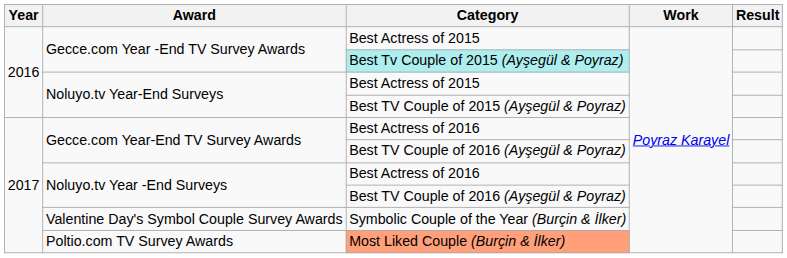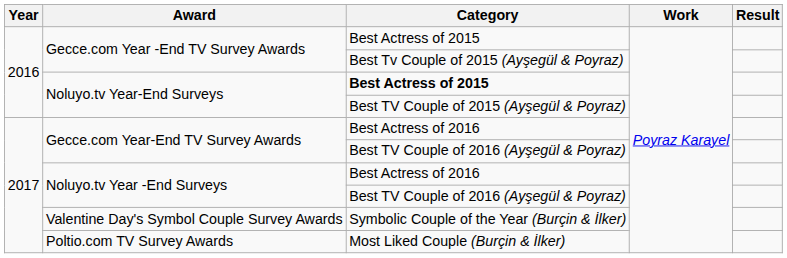 <table class="wikitable">
 <tr style="text-align:center; ;">
 <th>Year</th>
 <th>Award</th>
 <th>Category</th>
 <th>Work</th>
 <th>Result</th>
 </tr>
 <tr>
 <td rowspan=4>2016</td>
 <td rowspan=2>Gecce.com Year -End TV Survey Awards</td>
 <td>Best Actress of 2015</td>
 <td rowspan=10><em><a href='#'>Poyraz Karayel</a></em></td>
 <td></td>
 </tr>
 <tr>
-<td style="background: paleturquoise;">Best Tv Couple of 2015 <em>(Ayşegül & Poyraz)</em></td>
+<td>Best Tv Couple of 2015 <em>(Ayşegül & Poyraz)</em></td>
 <td></td>
 </tr>
 <tr>
 <td rowspan=2>Noluyo.tv Year-End Surveys</td>
-<td>Best Actress of 2015</td>
+<td><strong>Best Actress of 2015</strong></td>
 <td></td>
 </tr>
 <tr>
 <td>Best TV Couple of 2015 <em>(Ayşegül & Poyraz)</em></td>
 <td></td>
 </tr>
 <tr>
 <td rowspan=6>2017</td>
 <td rowspan=2>Gecce.com Year-End TV Survey Awards</td>
 <td>Best Actress of 2016</td>
 <td></td>
 </tr>
 <tr>
 <td>Best TV Couple of 2016 <em>(Ayşegül & Poyraz)</em></td>
 <td></td>
 </tr>
 <tr>
 <td rowspan=2>Noluyo.tv Year -End Surveys</td>
 <td>Best Actress of 2016</td>
 <td></td>
 </tr>
 <tr>
 <td>Best TV Couple of 2016 <em>(Ayşegül & Poyraz)</em></td>
 <td></td>
 </tr>
 <tr>
 <td>Valentine Day's Symbol Couple Survey Awards</td>
 <td>Symbolic Couple of the Year <em>(Burçin & İlker)</em></td>
 <td></td>
 </tr>
 <tr>
 <td>Poltio.com TV Survey Awards</td>
-<td style="background: lightsalmon;">Most Liked Couple <em>(Burçin & İlker)</em></td>
+<td>Most Liked Couple <em>(Burçin & İlker)</em></td>
 <td></td>
 </tr>
 </table>
